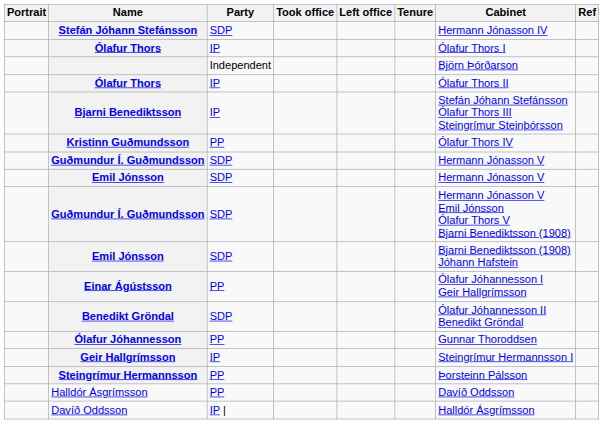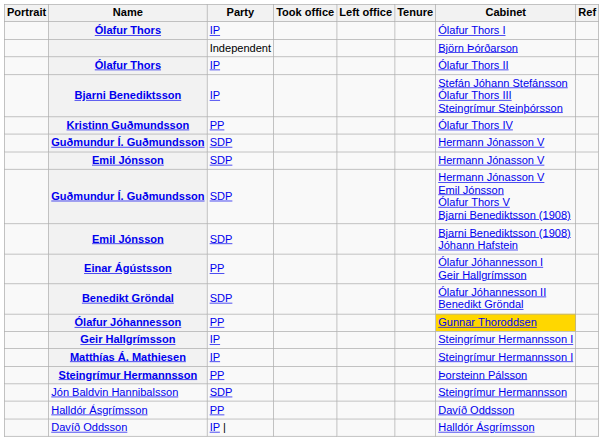 <table class="wikitable plainrowheaders sortable">
 <tr>
 <th scope=col class=unsortable>Portrait</th>
 <th scope=col>Name</th>
 <th scope=col>Party</th>
 <th scope=col>Took office</th>
 <th scope=col>Left office</th>
 <th scope=col>Tenure</th>
 <th scope=col>Cabinet</th>
 <th scope=col class=unsortable>Ref</th>
-</tr>
-<tr>
-<td align=center></td>
-<th scope=row><a href='#'>Stefán Jóhann Stefánsson</a></th>
-<td style="background:"><a href='#'>SDP</a></td>
-<td></td>
-<td></td>
-<td></td>
-<td><a href='#'>Hermann Jónasson IV</a></td>
-<td align=center></td>
 </tr>
 <tr>
 <td align=center></td>
 <th scope=row><a href='#'>Ólafur Thors</a></th>
 <td style="background:"><a href='#'>IP</a></td>
 <td></td>
 <td></td>
 <td></td>
 <td><a href='#'>Ólafur Thors I</a></td>
 <td align=center></td>
 </tr>
 <tr>
 <td></td>
 <th scope=row></th>
 <td>Independent</td>
 <td></td>
 <td></td>
 <td></td>
 <td><a href='#'>Björn Þórðarson</a></td>
 <td align=center></td>
 </tr>
 <tr>
 <td align=center></td>
 <th scope=row><a href='#'>Ólafur Thors</a></th>
 <td style="background:"><a href='#'>IP</a></td>
 <td></td>
 <td></td>
 <td></td>
 <td><a href='#'>Ólafur Thors II</a></td>
 <td align=center></td>
 </tr>
 <tr>
 <td align=center></td>
 <th scope=row><a href='#'>Bjarni Benediktsson</a></th>
 <td style="background:"><a href='#'>IP</a></td>
 <td></td>
 <td></td>
 <td></td>
 <td><a href='#'>Stefán Jóhann Stefánsson</a><br> <a href='#'>Ólafur Thors III</a><br> <a href='#'>Steingrímur Steinþórsson</a></td>
 <td align=center></td>
 </tr>
 <tr>
 <td></td>
 <th scope=row><a href='#'>Kristinn Guðmundsson</a></th>
 <td style="background:"><a href='#'>PP</a></td>
 <td></td>
 <td></td>
 <td></td>
 <td><a href='#'>Ólafur Thors IV</a></td>
 <td align=center></td>
 </tr>
 <tr>
 <td></td>
 <th scope=row><a href='#'>Guðmundur Í. Guðmundsson</a></th>
 <td style="background:"><a href='#'>SDP</a></td>
 <td></td>
 <td></td>
 <td></td>
 <td><a href='#'>Hermann Jónasson V</a></td>
 <td align=center></td>
 </tr>
 <tr>
 <td align=center></td>
 <th scope=row><a href='#'>Emil Jónsson</a></th>
 <td style="background:"><a href='#'>SDP</a></td>
 <td></td>
 <td></td>
 <td></td>
 <td><a href='#'>Hermann Jónasson V</a></td>
 <td align=center></td>
 </tr>
 <tr>
 <td></td>
 <th scope=row><a href='#'>Guðmundur Í. Guðmundsson</a></th>
 <td style="background:"><a href='#'>SDP</a></td>
 <td></td>
 <td></td>
 <td></td>
 <td><a href='#'>Hermann Jónasson V</a><br> <a href='#'>Emil Jónsson</a><br> <a href='#'>Ólafur Thors V</a><br> <a href='#'>Bjarni Benediktsson (1908)</a></td>
 <td align=center></td>
 </tr>
 <tr>
 <td align=center></td>
 <th scope=row><a href='#'>Emil Jónsson</a></th>
 <td style="background:"><a href='#'>SDP</a></td>
 <td></td>
 <td></td>
 <td></td>
 <td><a href='#'>Bjarni Benediktsson (1908)</a><br> <a href='#'>Jóhann Hafstein</a></td>
 <td align=center></td>
 </tr>
 <tr>
 <td></td>
 <th scope=row><a href='#'>Einar Ágústsson</a></th>
 <td style="background:"><a href='#'>PP</a></td>
 <td></td>
 <td></td>
 <td></td>
 <td><a href='#'>Ólafur Jóhannesson I</a><br> <a href='#'>Geir Hallgrímsson</a></td>
 <td align=center></td>
 </tr>
 <tr>
 <td></td>
 <th scope=row><a href='#'>Benedikt Gröndal</a></th>
 <td style="background:"><a href='#'>SDP</a></td>
 <td></td>
 <td></td>
 <td></td>
 <td><a href='#'>Ólafur Jóhannesson II</a><br> <a href='#'>Benedikt Gröndal</a></td>
 <td align=center></td>
 </tr>
 <tr>
 <td></td>
 <th scope=row><a href='#'>Ólafur Jóhannesson</a></th>
 <td style="background:"><a href='#'>PP</a></td>
 <td></td>
 <td></td>
 <td></td>
-<td><a href='#'>Gunnar Thoroddsen</a></td>
+<td style="background: gold;"><a href='#'>Gunnar Thoroddsen</a></td>
 <td align=center></td>
 </tr>
 <tr>
 <td></td>
 <th scope=row><a href='#'>Geir Hallgrímsson</a></th>
+<td style="background:"><a href='#'>IP</a></td>
+<td></td>
+<td></td>
+<td></td>
+<td><a href='#'>Steingrímur Hermannsson I</a></td>
+<td align=center></td>
+</tr>
+<tr>
+<td></td>
+<th scope=row><a href='#'>Matthías Á. Mathiesen</a></th>
 <td style="background:"><a href='#'>IP</a></td>
 <td></td>
 <td></td>
 <td></td>
 <td><a href='#'>Steingrímur Hermannsson I</a></td>
 <td align=center></td>
 </tr>
 <tr>
 <td align=center></td>
 <th scope=row><a href='#'>Steingrímur Hermannsson</a></th>
 <td style="background:"><a href='#'>PP</a></td>
 <td></td>
 <td></td>
 <td></td>
 <td><a href='#'>Þorsteinn Pálsson</a></td>
 <td align=center></td>
+</tr>
+<tr>
+<td></td>
+<td><a href='#'>Jón Baldvin Hannibalsson</a></td>
+<td style="background:"><a href='#'>SDP</a></td>
+<td></td>
+<td></td>
+<td></td>
+<td><a href='#'>Steingrímur Hermannsson</a></td>
+<td></td>
 </tr>
 <tr>
 <td></td>
 <td><a href='#'>Halldór Ásgrímsson</a></td>
 <td style="background:"><a href='#'>PP</a></td>
 <td></td>
 <td></td>
 <td></td>
 <td><a href='#'>Davíð Oddsson</a></td>
 <td></td>
 </tr>
 <tr>
 <td></td>
 <td><a href='#'>Davíð Oddsson</a></td>
 <td style="background:"><a href='#'>IP</a> |</td>
 <td></td>
 <td></td>
 <td></td>
 <td><a href='#'>Halldór Ásgrímsson</a></td>
 <td></td>
 </tr>
 </table>
